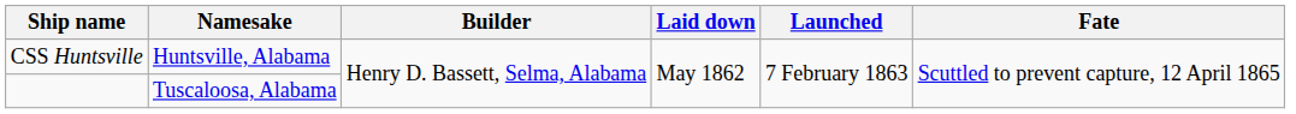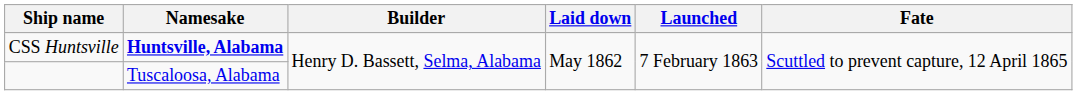 <table class="wikitable plainrowheaders">
 <tr>
 <th scope="col">Ship name</th>
 <th scope="col">Namesake</th>
 <th scope="col">Builder</th>
 <th scope="col"><a href='#'>Laid down</a></th>
 <th scope="col"><a href='#'>Launched</a></th>
 <th scope="col">Fate</th>
 </tr>
 <tr>
 <td scope="row">CSS <em>Huntsville</em></td>
-<td><a href='#'>Huntsville, Alabama</a></td>
+<td><strong><a href='#'>Huntsville, Alabama</a></strong></td>
 <td rowspan=2>Henry D. Bassett, <a href='#'>Selma, Alabama</a></td>
 <td rowspan=2>May 1862</td>
 <td rowspan=2>7 February 1863</td>
 <td rowspan=2><a href='#'>Scuttled</a> to prevent capture, 12 April 1865</td>
 </tr>
 <tr>
 <td scope="row"></td>
 <td><a href='#'>Tuscaloosa, Alabama</a></td>
 </tr>
 </table>
